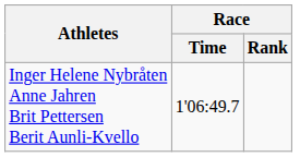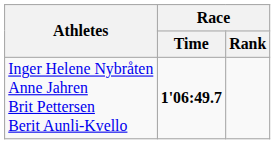 <table class="wikitable" border="1" style="font-size:90%">
 <tr>
 <th rowspan=2>Athletes</th>
 <th colspan=2>Race</th>
 </tr>
 <tr>
 <th>Time</th>
 <th>Rank</th>
 </tr>
 <tr>
 <td><a href='#'>Inger Helene Nybråten</a><br><a href='#'>Anne Jahren</a><br><a href='#'>Brit Pettersen</a><br><a href='#'>Berit Aunli-Kvello</a></td>
-<td align=center>1'06:49.7</td>
+<td align=center><strong>1'06:49.7</strong></td>
 <td align=center></td>
 </tr>
 </table>
